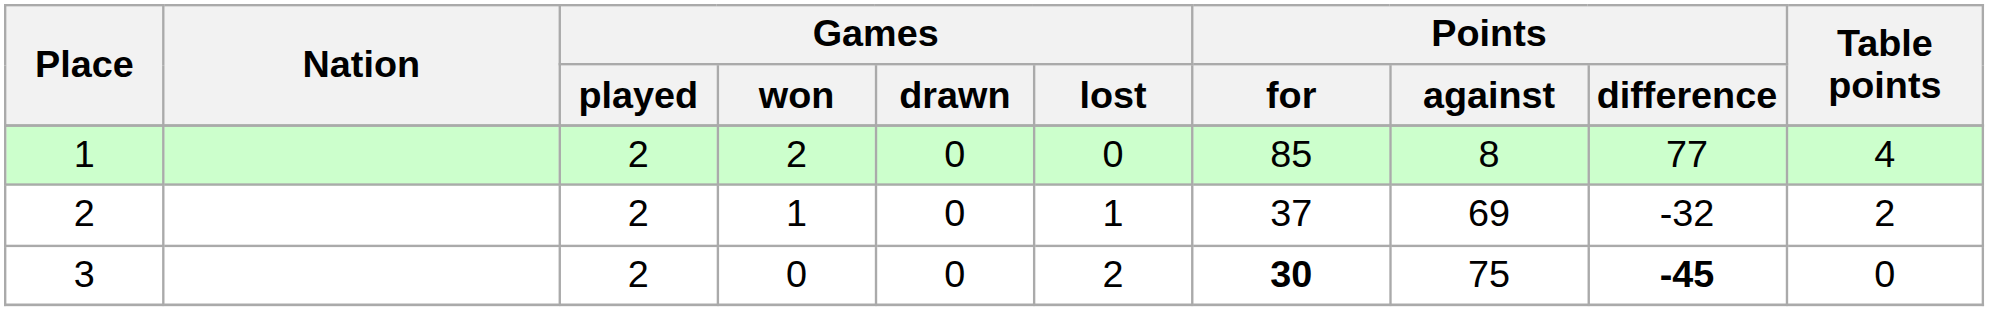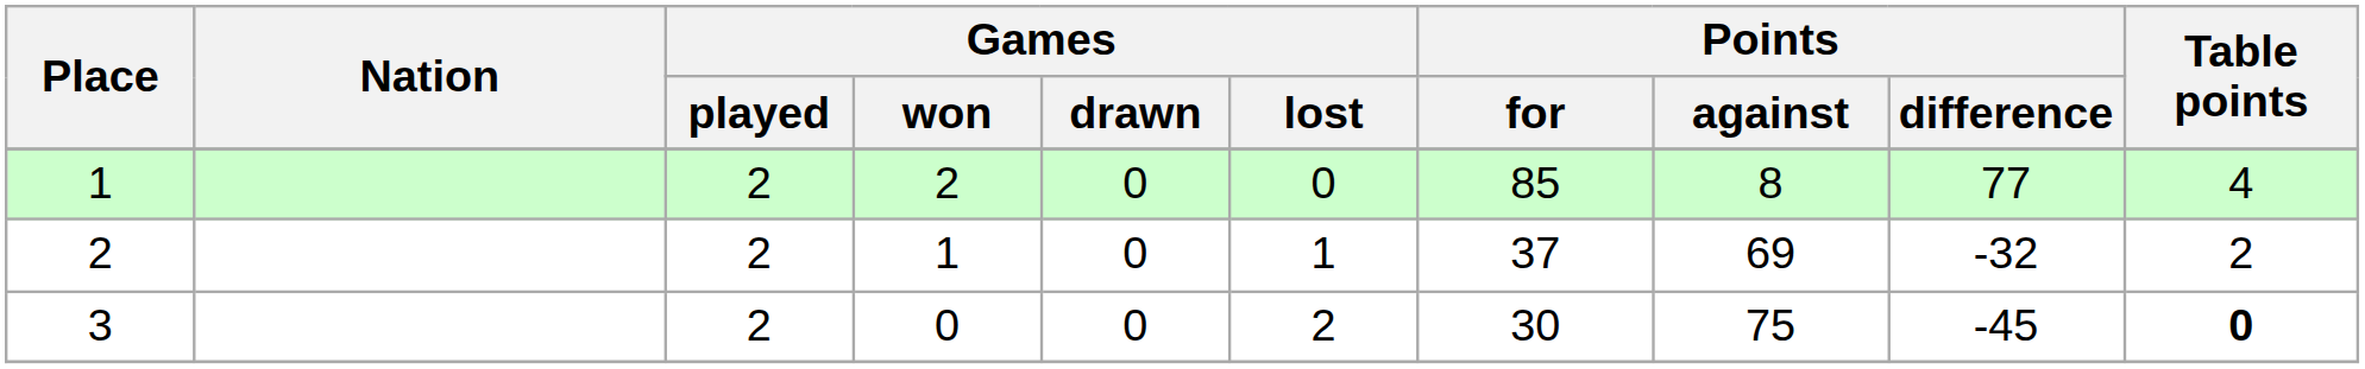 <table class="wikitable">
 <tr>
 <th rowspan=2 width="8%">Place</th>
 <th rowspan=2 width="20%">Nation</th>
 <th colspan=4 width="32%">Games</th>
 <th colspan=3 width="30%">Points</th>
 <th rowspan=2 width="10%">Table<br>points</th>
 </tr>
 <tr>
 <th width="8%">played</th>
 <th width="8%">won</th>
 <th width="8%">drawn</th>
 <th width="8%">lost</th>
 <th width="10%">for</th>
 <th width="10%">against</th>
 <th width="10%">difference</th>
 </tr>
 <tr>
 </tr>
 <tr bgcolor=#ccffcc align=center>
 <td>1</td>
 <td align=left><strong></strong></td>
 <td>2</td>
 <td>2</td>
 <td>0</td>
 <td>0</td>
 <td>85</td>
 <td>8</td>
 <td>77</td>
 <td>4</td>
 </tr>
 <tr bgcolor=#ffffff align=center>
 <td>2</td>
 <td align=left></td>
 <td>2</td>
 <td>1</td>
 <td>0</td>
 <td>1</td>
 <td>37</td>
 <td>69</td>
 <td>-32</td>
 <td>2</td>
 </tr>
 <tr bgcolor=#ffffff align=center>
 <td>3</td>
 <td align=left></td>
 <td>2</td>
 <td>0</td>
 <td>0</td>
 <td>2</td>
-<td><strong>30</strong></td>
+<td>30</td>
 <td>75</td>
-<td><strong>-45</strong></td>
-<td>0</td>
+<td>-45</td>
+<td><strong>0</strong></td>
 </tr>
 <tr bgcolor=#ffffff align=center>
 </tr>
 </table>
